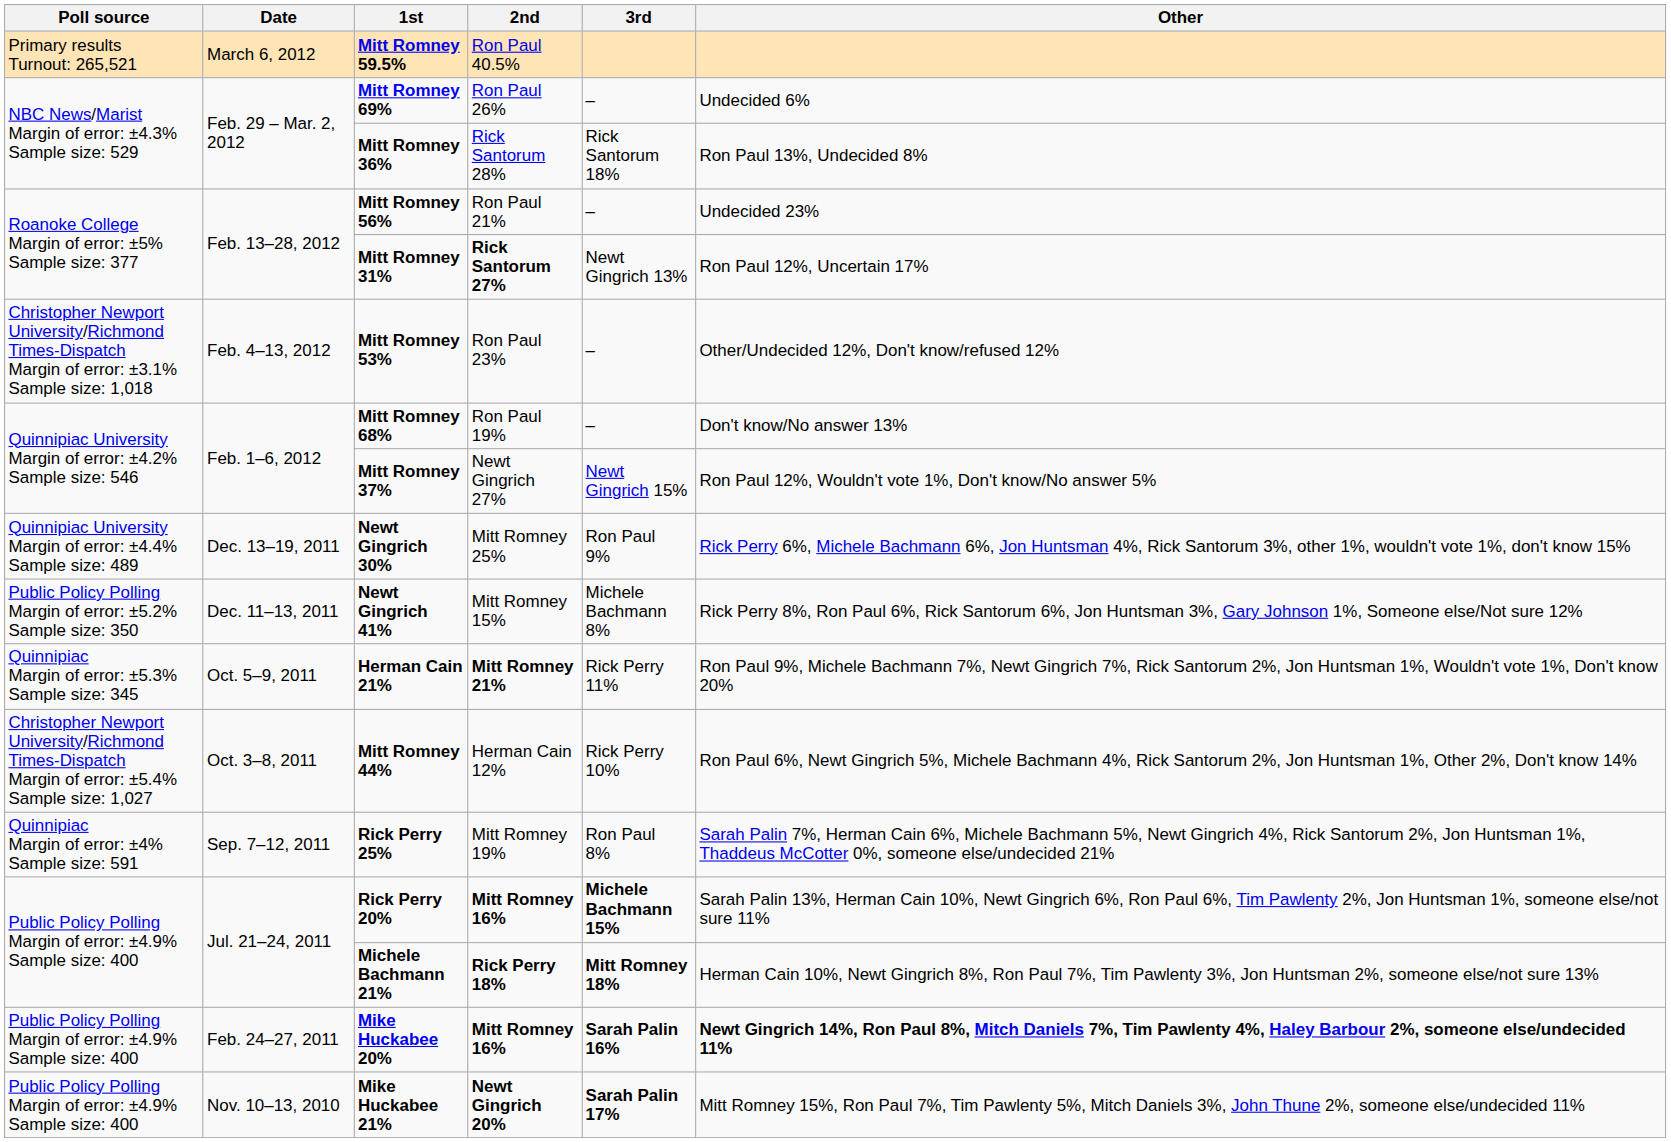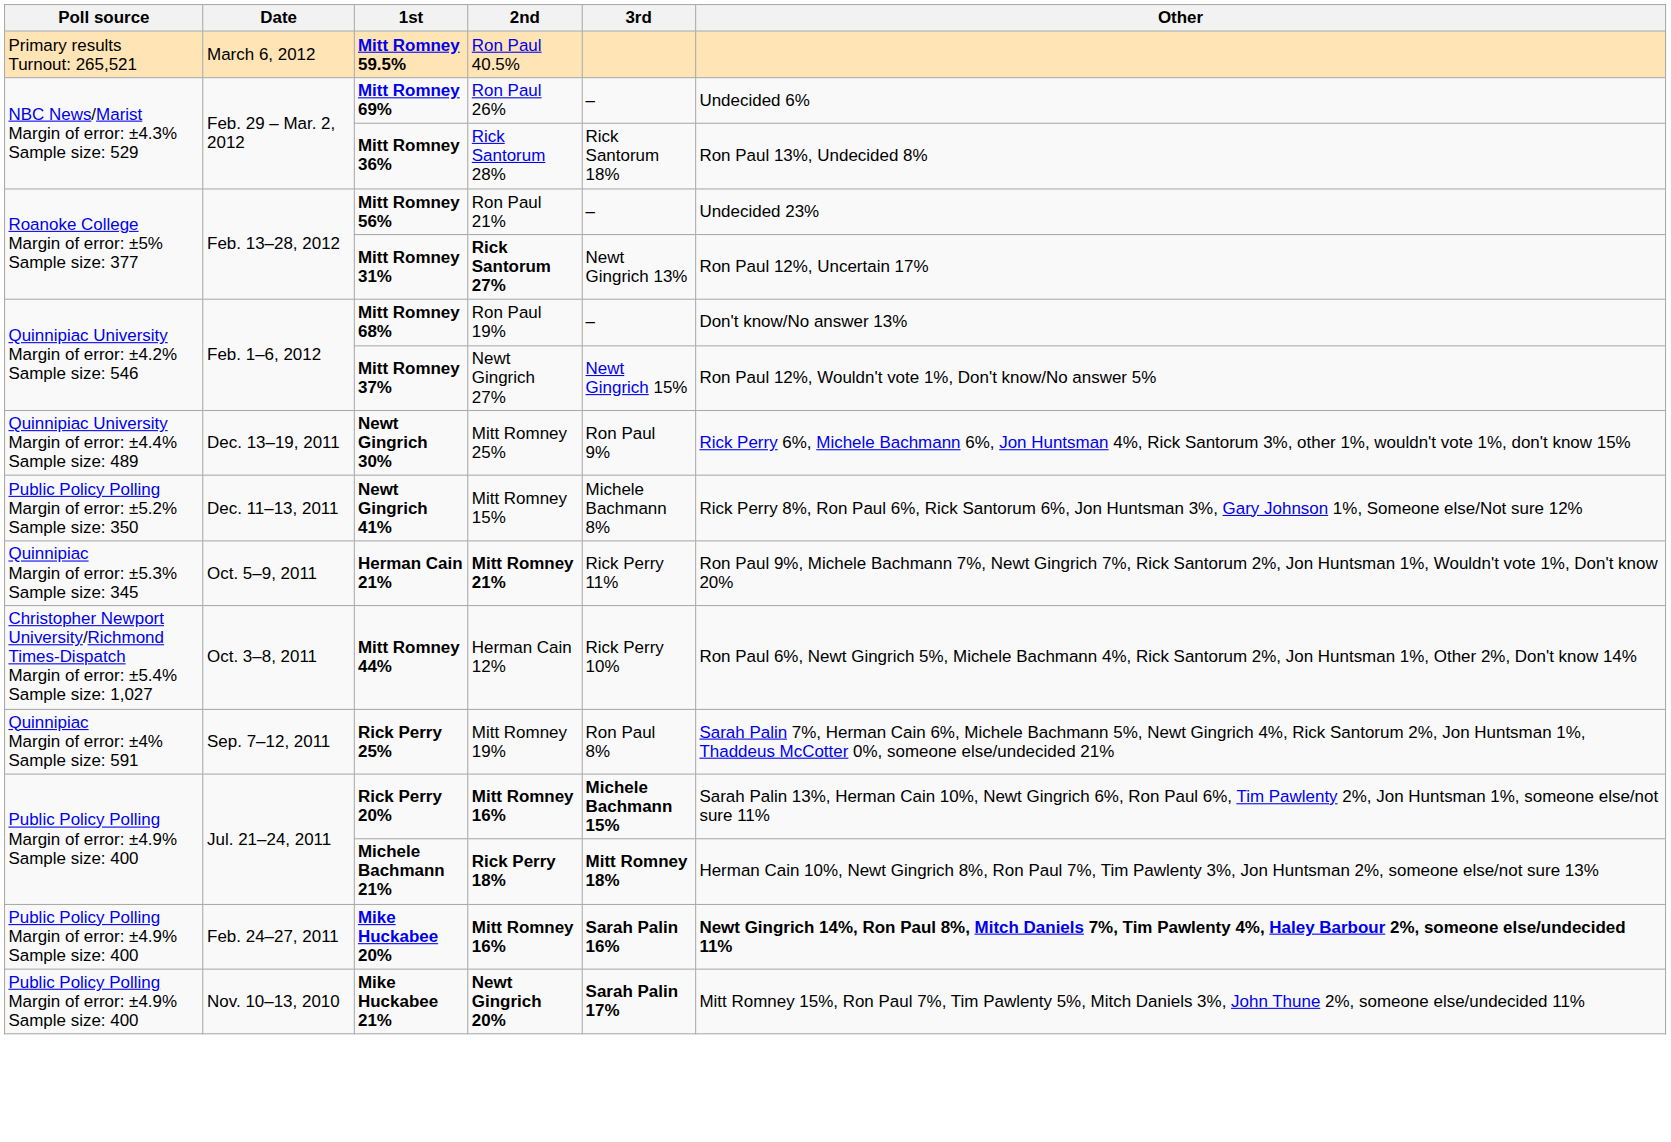 <table class="wikitable">
 <tr>
 <th style="width:180px;">Poll source</th>
 <th style="width:135px;">Date</th>
 <th style="width:100px;">1st</th>
 <th style="width:100px;">2nd</th>
 <th style="width:100px;">3rd</th>
 <th>Other</th>
 </tr>
 <tr style="background:Moccasin;">
 <td>Primary results<br>Turnout: 265,521</td>
 <td>March 6, 2012</td>
 <td><strong><a href='#'>Mitt Romney</a> 59.5% </strong></td>
 <td><a href='#'>Ron Paul</a><br>40.5%</td>
 <td></td>
 <td></td>
 </tr>
 <tr>
 <td rowspan=2><a href='#'>NBC News</a>/<a href='#'>Marist</a><br>Margin of error: ±4.3% <br>Sample size: 529</td>
 <td rowspan=2>Feb. 29 – Mar. 2, 2012</td>
 <td><strong><a href='#'>Mitt Romney</a><br> 69%</strong></td>
 <td><a href='#'>Ron Paul</a><br> 26%</td>
 <td>–</td>
 <td>Undecided 6%</td>
 </tr>
 <tr>
 <td><strong>Mitt Romney<br> 36%</strong></td>
 <td><a href='#'>Rick Santorum</a><br> 28%</td>
 <td>Rick Santorum 18%</td>
 <td>Ron Paul 13%, Undecided 8%</td>
 </tr>
 <tr>
 <td rowspan=2><a href='#'>Roanoke College</a><br>Margin of error: ±5% <br>Sample size: 377</td>
 <td rowspan=2>Feb. 13–28, 2012</td>
 <td><strong>Mitt Romney<br> 56%</strong></td>
 <td>Ron Paul<br> 21%</td>
 <td>–</td>
 <td>Undecided 23%</td>
 </tr>
 <tr>
 <td><strong>Mitt Romney<br> 31%</strong></td>
 <td><strong>Rick Santorum<br> 27%</strong></td>
 <td>Newt Gingrich 13%</td>
 <td>Ron Paul 12%, Uncertain 17%</td>
-</tr>
-<tr>
-<td><a href='#'>Christopher Newport University</a>/<a href='#'>Richmond Times-Dispatch</a><br>Margin of error: ±3.1% <br>Sample size: 1,018</td>
-<td>Feb. 4–13, 2012</td>
-<td><strong>Mitt Romney<br> 53%</strong></td>
-<td>Ron Paul<br> 23%</td>
-<td>–</td>
-<td>Other/Undecided 12%, Don't know/refused 12%</td>
 </tr>
 <tr>
 <td rowspan=2><a href='#'>Quinnipiac University</a><br>Margin of error: ±4.2% <br>Sample size: 546</td>
 <td rowspan=2>Feb. 1–6, 2012</td>
 <td><strong>Mitt Romney<br> 68%</strong></td>
 <td>Ron Paul<br> 19%</td>
 <td>–</td>
 <td>Don't know/No answer 13%</td>
 </tr>
 <tr>
 <td><strong>Mitt Romney<br> 37%</strong></td>
 <td>Newt Gingrich<br> 27%</td>
 <td><a href='#'>Newt Gingrich</a> 15%</td>
 <td>Ron Paul 12%, Wouldn't vote 1%, Don't know/No answer 5%</td>
 </tr>
 <tr>
 <td><a href='#'>Quinnipiac University</a><br>Margin of error: ±4.4% <br>Sample size: 489</td>
 <td>Dec. 13–19, 2011</td>
 <td><strong>Newt Gingrich<br> 30%</strong></td>
 <td>Mitt Romney<br> 25%</td>
 <td>Ron Paul<br> 9%</td>
 <td><a href='#'>Rick Perry</a> 6%, <a href='#'>Michele Bachmann</a> 6%, <a href='#'>Jon Huntsman</a> 4%, Rick Santorum 3%, other 1%, wouldn't vote 1%, don't know 15%</td>
 </tr>
 <tr>
 <td><a href='#'>Public Policy Polling</a><br>Margin of error: ±5.2% <br>Sample size: 350</td>
 <td>Dec. 11–13, 2011</td>
 <td><strong>Newt Gingrich<br> 41%</strong></td>
 <td>Mitt Romney<br> 15%</td>
 <td>Michele Bachmann<br> 8%</td>
 <td>Rick Perry 8%, Ron Paul 6%, Rick Santorum 6%, Jon Huntsman 3%, <a href='#'>Gary Johnson</a> 1%, Someone else/Not sure 12%</td>
 </tr>
 <tr>
 <td><a href='#'>Quinnipiac</a><br>Margin of error: ±5.3% <br>Sample size: 345</td>
 <td>Oct. 5–9, 2011</td>
 <td><strong>Herman Cain<br> 21%</strong></td>
 <td><strong>Mitt Romney<br> 21%</strong></td>
 <td>Rick Perry<br> 11%</td>
 <td>Ron Paul 9%, Michele Bachmann 7%, Newt Gingrich 7%, Rick Santorum 2%, Jon Huntsman 1%, Wouldn't vote 1%, Don't know 20%</td>
 </tr>
 <tr>
 <td><a href='#'>Christopher Newport University</a>/<a href='#'>Richmond Times-Dispatch</a><br>Margin of error: ±5.4% <br>Sample size: 1,027</td>
 <td>Oct. 3–8, 2011</td>
 <td><strong>Mitt Romney<br> 44%</strong></td>
 <td>Herman Cain<br> 12%</td>
 <td>Rick Perry<br> 10%</td>
 <td>Ron Paul 6%, Newt Gingrich 5%, Michele Bachmann 4%, Rick Santorum 2%, Jon Huntsman 1%, Other 2%, Don't know 14%</td>
 </tr>
 <tr>
 <td><a href='#'>Quinnipiac</a><br>Margin of error: ±4% <br>Sample size: 591</td>
 <td>Sep. 7–12, 2011</td>
 <td><strong>Rick Perry<br> 25%</strong></td>
 <td>Mitt Romney<br> 19%</td>
 <td>Ron Paul<br> 8%</td>
 <td><a href='#'>Sarah Palin</a> 7%, Herman Cain 6%, Michele Bachmann 5%, Newt Gingrich 4%, Rick Santorum 2%, Jon Huntsman 1%, <a href='#'>Thaddeus McCotter</a> 0%, someone else/undecided 21%</td>
 </tr>
 <tr>
 <td rowspan=2><a href='#'>Public Policy Polling</a><br>Margin of error: ±4.9% <br>Sample size: 400</td>
 <td rowspan=2>Jul. 21–24, 2011</td>
 <td><strong>Rick Perry<br> 20%</strong></td>
 <td><strong>Mitt Romney<br> 16%</strong></td>
 <td><strong>Michele Bachmann<br> 15%</strong></td>
 <td>Sarah Palin 13%, Herman Cain 10%, Newt Gingrich 6%, Ron Paul 6%, <a href='#'>Tim Pawlenty</a> 2%, Jon Huntsman 1%, someone else/not sure 11%</td>
 </tr>
 <tr>
 <td><strong>Michele Bachmann<br> 21%</strong></td>
 <td><strong>Rick Perry<br> 18%</strong></td>
 <td><strong>Mitt Romney<br> 18%</strong></td>
 <td>Herman Cain 10%, Newt Gingrich 8%, Ron Paul 7%, Tim Pawlenty 3%, Jon Huntsman 2%, someone else/not sure 13%</td>
 </tr>
 <tr>
 <td><a href='#'>Public Policy Polling</a><br>Margin of error: ±4.9% <br>Sample size: 400</td>
 <td>Feb. 24–27, 2011</td>
 <td><strong><a href='#'>Mike Huckabee</a><br> 20%</strong></td>
 <td><strong>Mitt Romney<br> 16%</strong></td>
 <td><strong>Sarah Palin<br> 16%</strong></td>
 <td><strong>Newt Gingrich 14%, Ron Paul 8%, <a href='#'>Mitch Daniels</a> 7%, Tim Pawlenty 4%, <a href='#'>Haley Barbour</a> 2%, someone else/undecided 11%</strong></td>
 </tr>
 <tr>
 <td><a href='#'>Public Policy Polling</a><br>Margin of error: ±4.9% <br>Sample size: 400</td>
 <td>Nov. 10–13, 2010</td>
 <td><strong>Mike Huckabee<br> 21%</strong></td>
 <td><strong>Newt Gingrich<br> 20%</strong></td>
 <td><strong>Sarah Palin<br> 17%</strong></td>
 <td>Mitt Romney 15%, Ron Paul 7%, Tim Pawlenty 5%, Mitch Daniels 3%, <a href='#'>John Thune</a> 2%, someone else/undecided 11%</td>
 </tr>
 </table>
